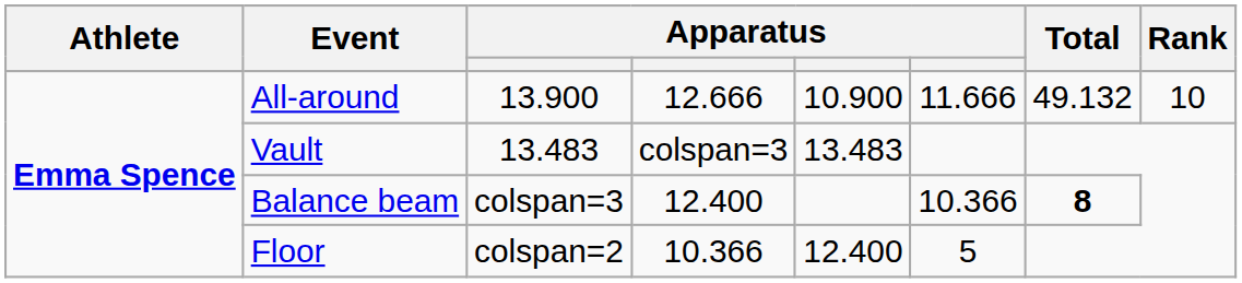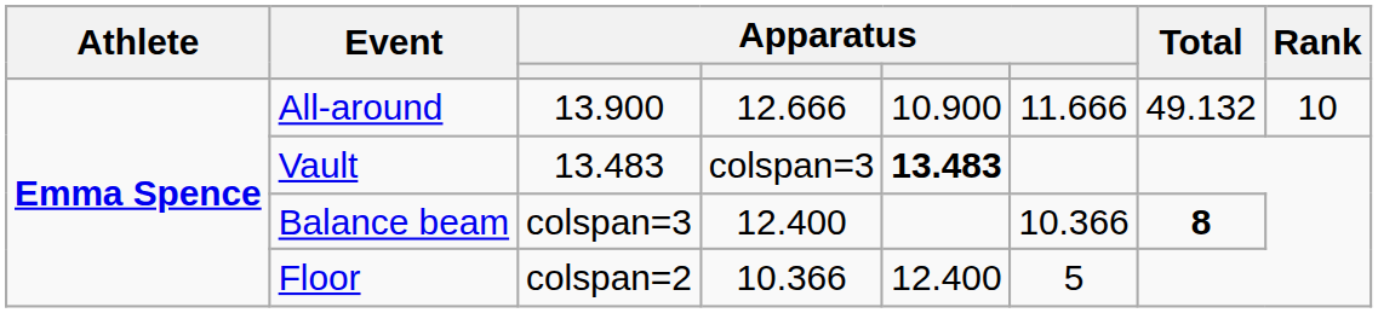 <table class="wikitable" style="font-size:90%">
 <tr>
 <th rowspan=2>Athlete</th>
 <th rowspan=2>Event</th>
 <th colspan=4>Apparatus</th>
 <th rowspan=2>Total</th>
 <th rowspan=2>Rank</th>
 </tr>
 <tr style="font-size:95%">
 <th></th>
 <th></th>
 <th></th>
 <th></th>
 </tr>
 <tr align=center>
 <td align=left rowspan=4><strong><a href='#'>Emma Spence</a></strong></td>
 <td align=left><a href='#'>All-around</a></td>
 <td>13.900</td>
 <td>12.666</td>
 <td>10.900</td>
 <td>11.666</td>
 <td>49.132</td>
 <td>10</td>
 </tr>
 <tr align=center>
 <td align=left><a href='#'>Vault</a></td>
 <td>13.483</td>
 <td>colspan=3 </td>
-<td>13.483</td>
+<td><strong>13.483</strong></td>
 <td></td>
 </tr>
 <tr align=center>
 <td align=left><a href='#'>Balance beam</a></td>
 <td>colspan=3 </td>
 <td>12.400</td>
 <td></td>
 <td>10.366</td>
 <td><strong>8</strong></td>
 </tr>
 <tr align=center>
 <td align=left><a href='#'>Floor</a></td>
 <td>colspan=2 </td>
 <td>10.366</td>
 <td>12.400</td>
 <td>5</td>
 </tr>
 </table>
